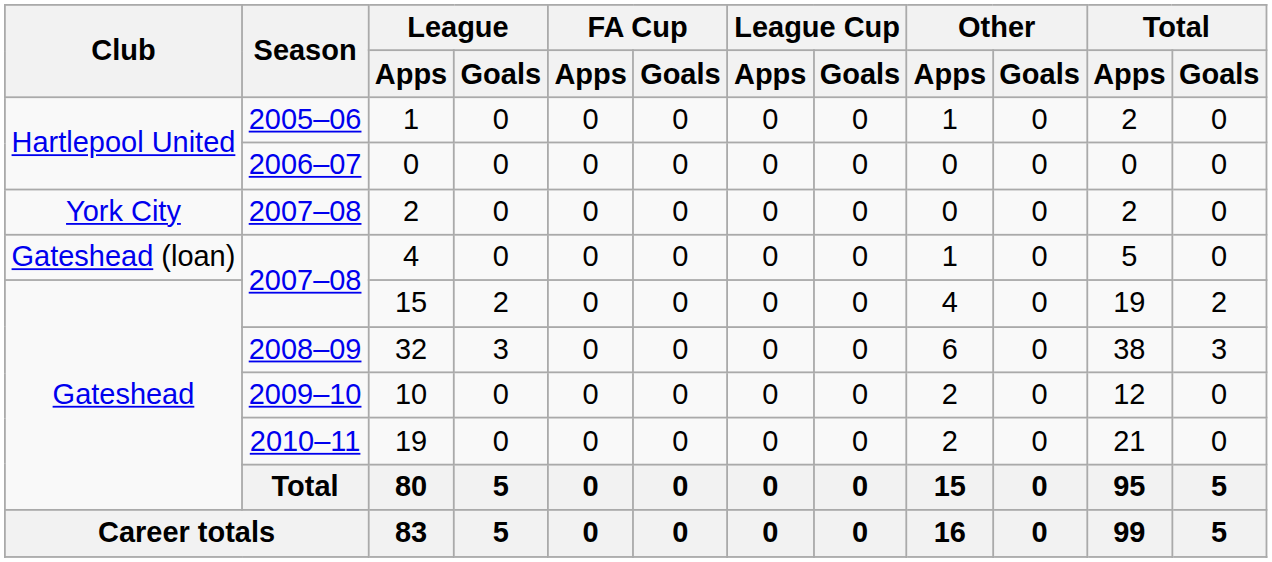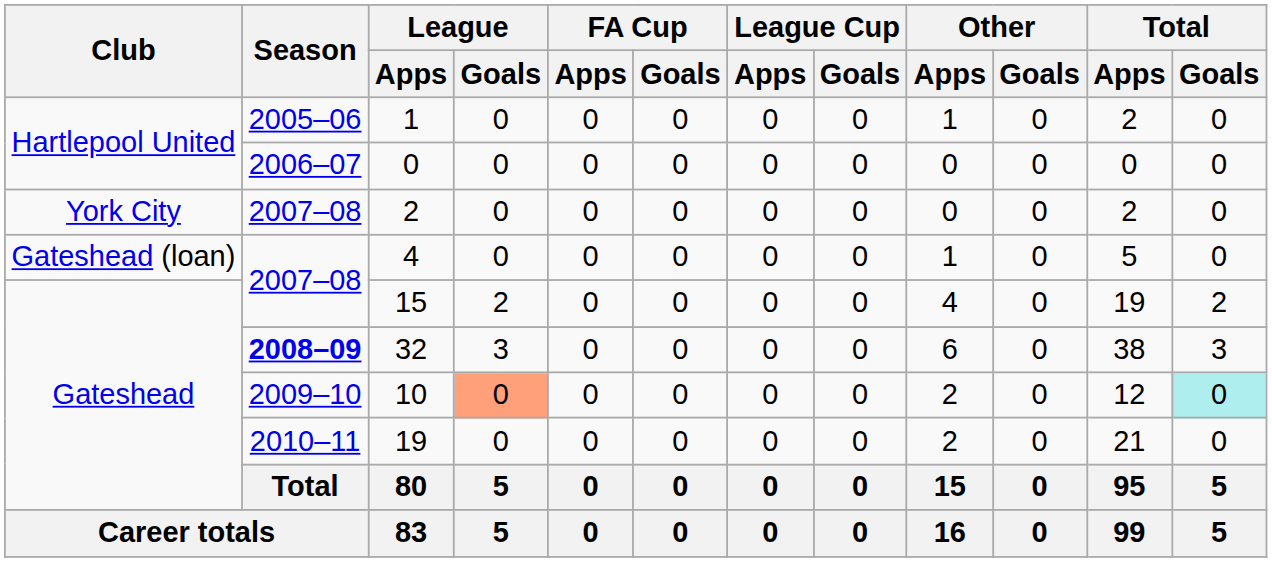 <table class="wikitable" style="text-align: center;">
 <tr>
 <th rowspan="2">Club</th>
 <th rowspan="2">Season</th>
 <th colspan="2">League</th>
 <th colspan="2">FA Cup</th>
 <th colspan="2">League Cup</th>
 <th colspan="2">Other</th>
 <th colspan="2">Total</th>
 </tr>
 <tr>
 <th>Apps</th>
 <th>Goals</th>
 <th>Apps</th>
 <th>Goals</th>
 <th>Apps</th>
 <th>Goals</th>
 <th>Apps</th>
 <th>Goals</th>
 <th>Apps</th>
 <th>Goals</th>
 </tr>
 <tr>
 <td rowspan="2"><a href='#'>Hartlepool United</a></td>
 <td><a href='#'>2005–06</a></td>
 <td>1</td>
 <td>0</td>
 <td>0</td>
 <td>0</td>
 <td>0</td>
 <td>0</td>
 <td>1</td>
 <td>0</td>
 <td>2</td>
 <td>0</td>
 </tr>
 <tr>
 <td><a href='#'>2006–07</a></td>
 <td>0</td>
 <td>0</td>
 <td>0</td>
 <td>0</td>
 <td>0</td>
 <td>0</td>
 <td>0</td>
 <td>0</td>
 <td>0</td>
 <td>0</td>
 </tr>
 <tr>
 <td><a href='#'>York City</a></td>
 <td><a href='#'>2007–08</a></td>
 <td>2</td>
 <td>0</td>
 <td>0</td>
 <td>0</td>
 <td>0</td>
 <td>0</td>
 <td>0</td>
 <td>0</td>
 <td>2</td>
 <td>0</td>
 </tr>
 <tr>
 <td><a href='#'>Gateshead</a> (loan)</td>
 <td rowspan="2"><a href='#'>2007–08</a></td>
 <td>4</td>
 <td>0</td>
 <td>0</td>
 <td>0</td>
 <td>0</td>
 <td>0</td>
 <td>1</td>
 <td>0</td>
 <td>5</td>
 <td>0</td>
 </tr>
 <tr>
 <td rowspan="5"><a href='#'>Gateshead</a></td>
 <td>15</td>
 <td>2</td>
 <td>0</td>
 <td>0</td>
 <td>0</td>
 <td>0</td>
 <td>4</td>
 <td>0</td>
 <td>19</td>
 <td>2</td>
 </tr>
 <tr>
-<td><a href='#'>2008–09</a></td>
+<td><strong><a href='#'>2008–09</a></strong></td>
 <td>32</td>
 <td>3</td>
 <td>0</td>
 <td>0</td>
 <td>0</td>
 <td>0</td>
 <td>6</td>
 <td>0</td>
 <td>38</td>
 <td>3</td>
 </tr>
 <tr>
 <td><a href='#'>2009–10</a></td>
 <td>10</td>
-<td>0</td>
+<td style="background: lightsalmon;">0</td>
 <td>0</td>
 <td>0</td>
 <td>0</td>
 <td>0</td>
 <td>2</td>
 <td>0</td>
 <td>12</td>
-<td>0</td>
+<td style="background: paleturquoise;">0</td>
 </tr>
 <tr>
 <td><a href='#'>2010–11</a></td>
 <td>19</td>
 <td>0</td>
 <td>0</td>
 <td>0</td>
 <td>0</td>
 <td>0</td>
 <td>2</td>
 <td>0</td>
 <td>21</td>
 <td>0</td>
 </tr>
 <tr>
 <th>Total</th>
 <th>80</th>
 <th>5</th>
 <th>0</th>
 <th>0</th>
 <th>0</th>
 <th>0</th>
 <th>15</th>
 <th>0</th>
 <th>95</th>
 <th>5</th>
 </tr>
 <tr>
 <th colspan="2">Career totals</th>
 <th>83</th>
 <th>5</th>
 <th>0</th>
 <th>0</th>
 <th>0</th>
 <th>0</th>
 <th>16</th>
 <th>0</th>
 <th>99</th>
 <th>5</th>
 </tr>
 </table>
